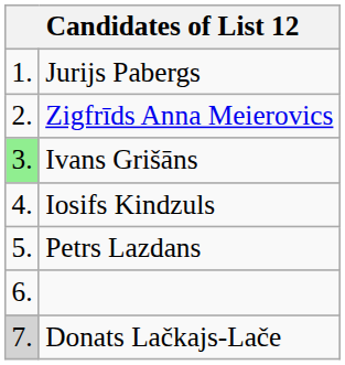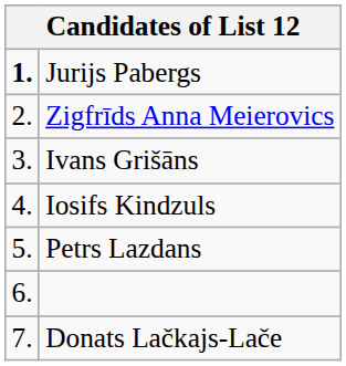 <table class=wikitable>
 <tr>
 <th colspan=3>Candidates of List 12</th>
 </tr>
 <tr>
-<td>1.</td>
+<td><strong>1.</strong></td>
 <td>Jurijs Pabergs</td>
 </tr>
 <tr>
 <td>2.</td>
 <td><a href='#'>Zigfrīds Anna Meierovics</a></td>
 </tr>
 <tr>
-<td style="background: lightgreen;">3.</td>
+<td>3.</td>
 <td>Ivans Grišāns</td>
 </tr>
 <tr>
 <td>4.</td>
 <td>Iosifs Kindzuls</td>
 </tr>
 <tr>
 <td>5.</td>
 <td>Petrs Lazdans</td>
 </tr>
 <tr>
 <td>6.</td>
 <td></td>
 </tr>
 <tr>
-<td style="background: lightgrey;">7.</td>
+<td>7.</td>
 <td>Donats Lačkajs-Lače</td>
 </tr>
 </table>
